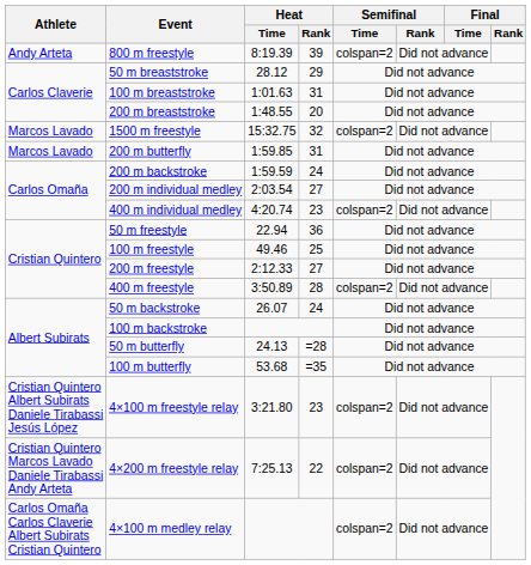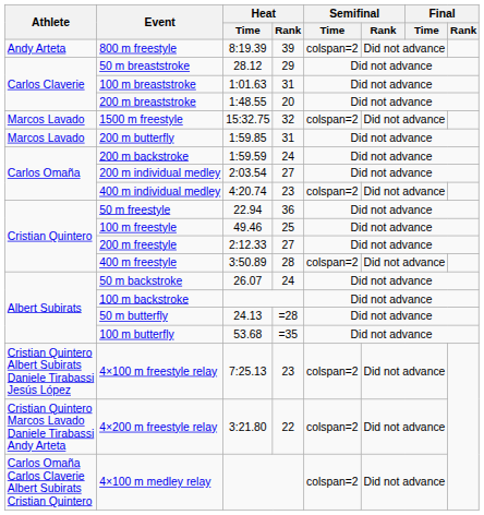 <table class=wikitable style="font-size:90%">
 <tr>
 <th rowspan="2">Athlete</th>
 <th rowspan="2">Event</th>
 <th colspan="2">Heat</th>
 <th colspan="2">Semifinal</th>
 <th colspan="2">Final</th>
 </tr>
 <tr style="font-size:95%">
 <th>Time</th>
 <th>Rank</th>
 <th>Time</th>
 <th>Rank</th>
 <th>Time</th>
 <th>Rank</th>
 </tr>
 <tr align=center>
 <td align=left><a href='#'>Andy Arteta</a></td>
 <td align=left><a href='#'>800 m freestyle</a></td>
 <td>8:19.39</td>
 <td>39</td>
 <td>colspan=2 </td>
 <td colspan=2>Did not advance</td>
 </tr>
 <tr align=center>
 <td align=left rowspan=3><a href='#'>Carlos Claverie</a></td>
 <td align=left><a href='#'>50 m breaststroke</a></td>
 <td>28.12</td>
 <td>29</td>
 <td colspan=4>Did not advance</td>
 </tr>
 <tr align=center>
 <td align=left><a href='#'>100 m breaststroke</a></td>
 <td>1:01.63</td>
 <td>31</td>
 <td colspan=4>Did not advance</td>
 </tr>
 <tr align=center>
 <td align=left><a href='#'>200 m breaststroke</a></td>
 <td>1:48.55</td>
 <td>20</td>
 <td colspan=4>Did not advance</td>
 </tr>
 <tr align=center>
 <td align=left><a href='#'>Marcos Lavado</a></td>
 <td align=left><a href='#'>1500 m freestyle</a></td>
 <td>15:32.75</td>
 <td>32</td>
 <td>colspan=2 </td>
 <td colspan=2>Did not advance</td>
 </tr>
 <tr align=center>
 <td align=left><a href='#'>Marcos Lavado</a></td>
 <td align=left><a href='#'>200 m butterfly</a></td>
 <td>1:59.85</td>
 <td>31</td>
 <td colspan=4>Did not advance</td>
 </tr>
 <tr align=center>
 <td align=left rowspan=3><a href='#'>Carlos Omaña</a></td>
 <td align=left><a href='#'>200 m backstroke</a></td>
 <td>1:59.59</td>
 <td>24</td>
 <td colspan=4>Did not advance</td>
 </tr>
 <tr align=center>
 <td align=left><a href='#'>200 m individual medley</a></td>
 <td>2:03.54</td>
 <td>27</td>
 <td colspan=4>Did not advance</td>
 </tr>
 <tr align=center>
 <td align=left><a href='#'>400 m individual medley</a></td>
 <td>4:20.74</td>
 <td>23</td>
 <td>colspan=2 </td>
 <td colspan=2>Did not advance</td>
 </tr>
 <tr align=center>
 <td align=left rowspan=4><a href='#'>Cristian Quintero</a></td>
 <td align=left><a href='#'>50 m freestyle</a></td>
 <td>22.94</td>
 <td>36</td>
 <td colspan=4>Did not advance</td>
 </tr>
 <tr align=center>
 <td align=left><a href='#'>100 m freestyle</a></td>
 <td>49.46</td>
 <td>25</td>
 <td colspan=4>Did not advance</td>
 </tr>
 <tr align=center>
 <td align=left><a href='#'>200 m freestyle</a></td>
 <td>2:12.33</td>
 <td>27</td>
 <td colspan=4>Did not advance</td>
 </tr>
 <tr align=center>
 <td align=left><a href='#'>400 m freestyle</a></td>
 <td>3:50.89</td>
 <td>28</td>
 <td>colspan=2 </td>
 <td colspan=2>Did not advance</td>
 </tr>
 <tr align=center>
 <td align=left rowspan=4><a href='#'>Albert Subirats</a></td>
 <td align=left><a href='#'>50 m backstroke</a></td>
 <td>26.07</td>
 <td>24</td>
 <td colspan=4>Did not advance</td>
 </tr>
 <tr align=center>
 <td align=left><a href='#'>100 m backstroke</a></td>
 <td colspan=2></td>
 <td colspan=4>Did not advance</td>
 </tr>
 <tr align=center>
 <td align=left><a href='#'>50 m butterfly</a></td>
 <td>24.13</td>
 <td>=28</td>
 <td colspan=4>Did not advance</td>
 </tr>
 <tr align=center>
 <td align=left><a href='#'>100 m butterfly</a></td>
 <td>53.68</td>
 <td>=35</td>
 <td colspan=4>Did not advance</td>
 </tr>
 <tr align=center>
 <td align=left><a href='#'>Cristian Quintero</a><br><a href='#'>Albert Subirats</a><br><a href='#'>Daniele Tirabassi</a><br><a href='#'>Jesús López</a></td>
 <td align=left><a href='#'>4×100 m freestyle relay</a></td>
-<td>3:21.80</td>
+<td>7:25.13</td>
 <td>23</td>
 <td>colspan=2 </td>
 <td colspan=2>Did not advance</td>
 </tr>
 <tr align=center>
 <td align=left><a href='#'>Cristian Quintero</a><br><a href='#'>Marcos Lavado</a><br><a href='#'>Daniele Tirabassi</a><br><a href='#'>Andy Arteta</a></td>
 <td align=left><a href='#'>4×200 m freestyle relay</a></td>
-<td>7:25.13</td>
+<td>3:21.80</td>
 <td>22</td>
 <td>colspan=2 </td>
 <td colspan=2>Did not advance</td>
 </tr>
 <tr align=center>
 <td align=left><a href='#'>Carlos Omaña</a><br><a href='#'>Carlos Claverie</a><br><a href='#'>Albert Subirats</a><br><a href='#'>Cristian Quintero</a></td>
 <td align=left><a href='#'>4×100 m medley relay</a></td>
 <td colspan=2></td>
 <td>colspan=2 </td>
 <td colspan=2>Did not advance</td>
 </tr>
 </table>
